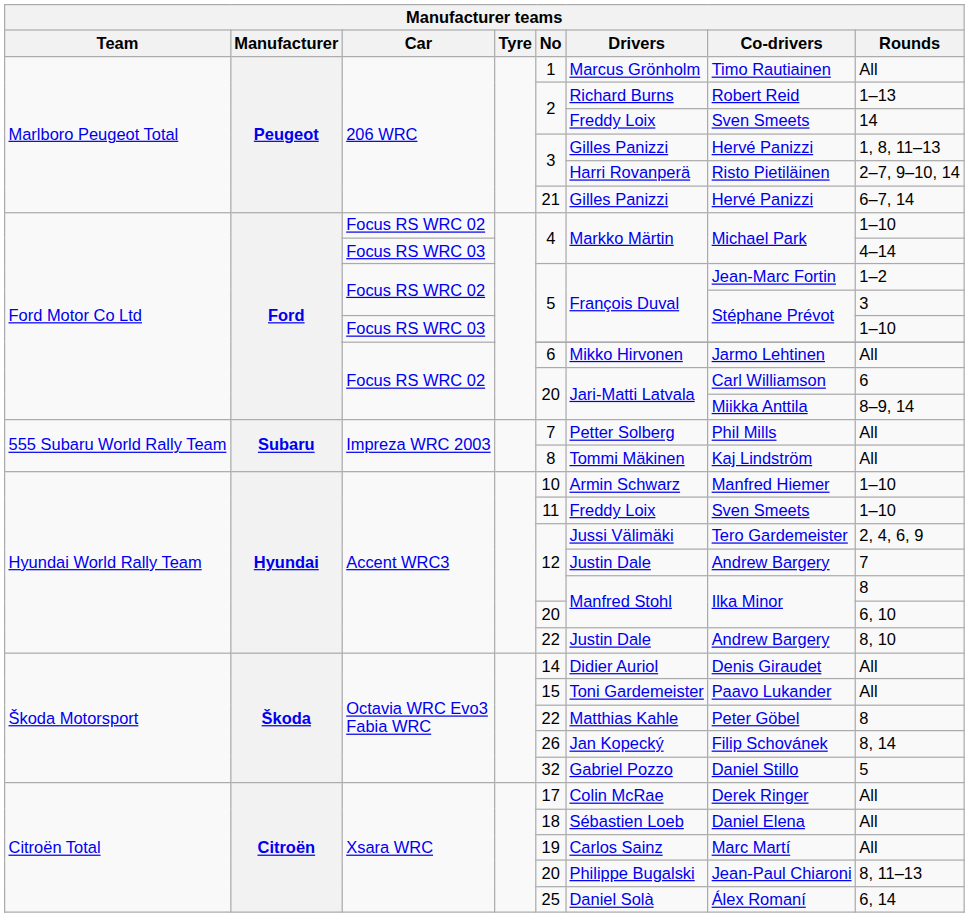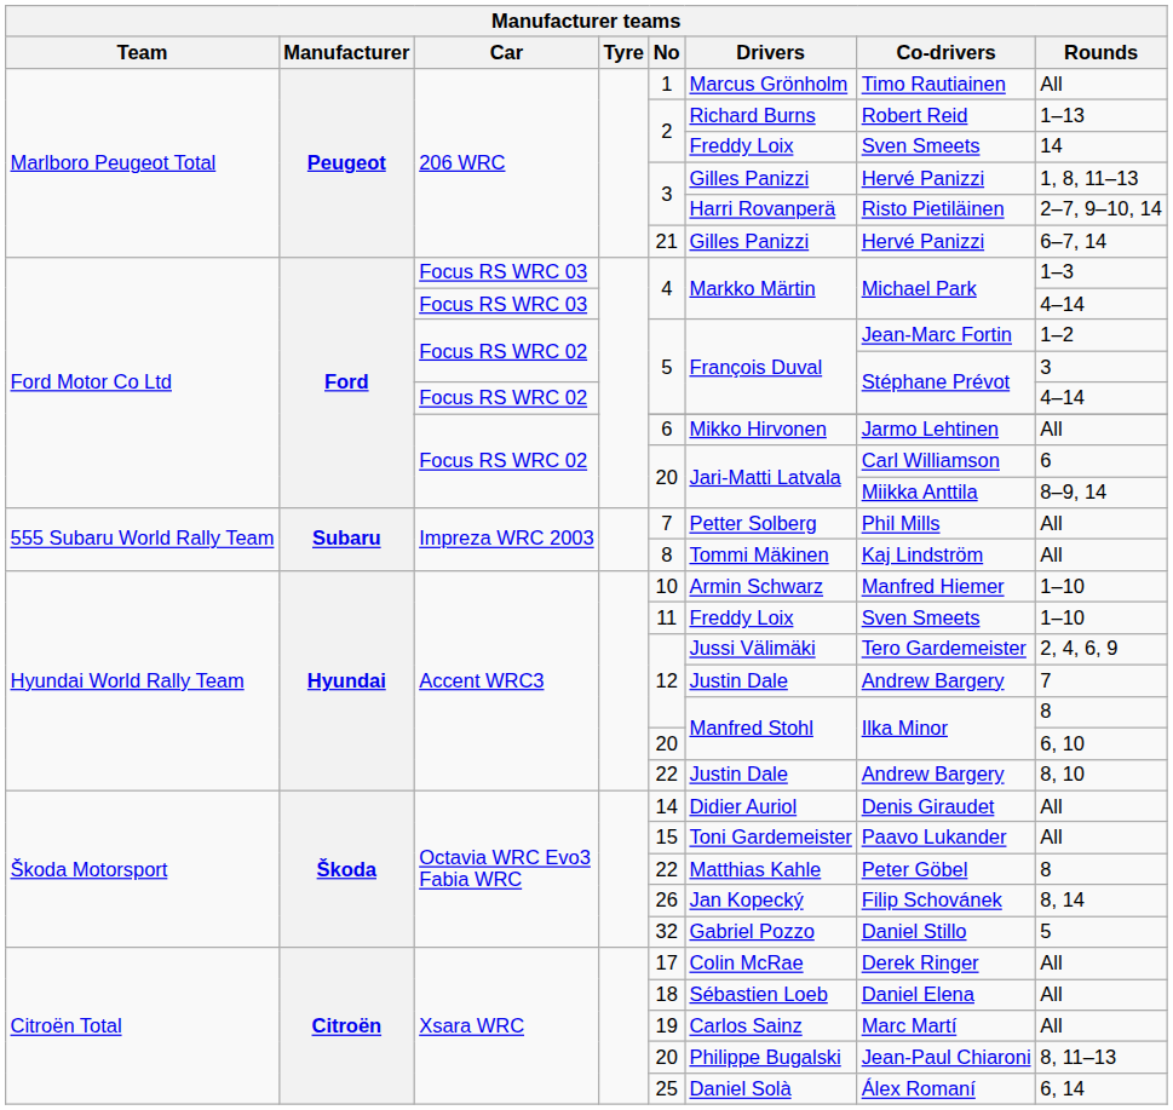 <table class="wikitable collapsible" style="font-size: 85%">
 <tr>
 <th colspan="11">Manufacturer teams</th>
 </tr>
 <tr>
 <th>Team</th>
 <th>Manufacturer</th>
 <th>Car</th>
 <th>Tyre</th>
 <th>No</th>
 <th>Drivers</th>
 <th>Co-drivers</th>
 <th>Rounds</th>
 </tr>
 <tr>
 <td rowspan="6"> <a href='#'>Marlboro Peugeot Total</a></td>
 <th rowspan="6"><a href='#'>Peugeot</a></th>
 <td rowspan="6"><a href='#'>206 WRC</a></td>
 <td rowspan="6" align="center"></td>
 <td align="center">1</td>
 <td nowrap> <a href='#'>Marcus Grönholm</a></td>
 <td> <a href='#'>Timo Rautiainen</a></td>
 <td>All</td>
 </tr>
 <tr>
 <td align="center" rowspan="2">2</td>
 <td> <a href='#'>Richard Burns</a></td>
 <td> <a href='#'>Robert Reid</a></td>
 <td>1–13</td>
 </tr>
 <tr>
 <td> <a href='#'>Freddy Loix</a></td>
 <td> <a href='#'>Sven Smeets</a></td>
 <td>14</td>
 </tr>
 <tr>
 <td align="center" rowspan="2">3</td>
 <td> <a href='#'>Gilles Panizzi</a></td>
 <td> <a href='#'>Hervé Panizzi</a></td>
 <td>1, 8, 11–13</td>
 </tr>
 <tr>
 <td> <a href='#'>Harri Rovanperä</a></td>
 <td> <a href='#'>Risto Pietiläinen</a></td>
 <td nowrap>2–7, 9–10, 14</td>
 </tr>
 <tr>
 <td align="center">21</td>
 <td> <a href='#'>Gilles Panizzi</a></td>
 <td> <a href='#'>Hervé Panizzi</a></td>
 <td>6–7, 14</td>
 </tr>
 <tr>
 <td rowspan="9"> <a href='#'>Ford Motor Co Ltd</a></td>
 <th rowspan="9"><a href='#'>Ford</a></th>
-<td rowspan="1"><a href='#'>Focus RS WRC 02</a></td>
+<td rowspan="1"><a href='#'>Focus RS WRC 03</a></td>
 <td rowspan="9" align="center"></td>
 <td align="center" rowspan=2>4</td>
 <td rowspan=2> <a href='#'>Markko Märtin</a></td>
 <td rowspan=2> <a href='#'>Michael Park</a></td>
-<td>1–10</td>
+<td>1–3</td>
 </tr>
 <tr>
 <td rowspan="1"><a href='#'>Focus RS WRC 03</a></td>
 <td>4–14</td>
 </tr>
 <tr>
 <td rowspan="2"><a href='#'>Focus RS WRC 02</a></td>
 <td rowspan="3" align="center">5</td>
 <td rowspan="3"> <a href='#'>François Duval</a></td>
 <td> <a href='#'>Jean-Marc Fortin</a></td>
 <td>1–2</td>
 </tr>
 <tr>
 <td rowspan=2> <a href='#'>Stéphane Prévot</a></td>
 <td>3</td>
 </tr>
 <tr>
-<td rowspan="1"><a href='#'>Focus RS WRC 03</a></td>
-<td>1–10</td>
+<td rowspan="1"><a href='#'>Focus RS WRC 02</a></td>
+<td>4–14</td>
 </tr>
 <tr>
 <td rowspan="4"><a href='#'>Focus RS WRC 02</a></td>
 </tr>
 <tr>
 <td align="center">6</td>
 <td> <a href='#'>Mikko Hirvonen</a></td>
 <td> <a href='#'>Jarmo Lehtinen</a></td>
 <td>All</td>
 </tr>
 <tr>
 <td rowspan="2" align="center">20</td>
 <td rowspan="2"> <a href='#'>Jari-Matti Latvala</a></td>
 <td> <a href='#'>Carl Williamson</a></td>
 <td>6</td>
 </tr>
 <tr>
 <td> <a href='#'>Miikka Anttila</a></td>
 <td>8–9, 14</td>
 </tr>
 <tr>
 <td rowspan="2" nowrap> <a href='#'>555 Subaru World Rally Team</a></td>
 <th rowspan="2"><a href='#'>Subaru</a></th>
 <td rowspan="2" nowrap><a href='#'>Impreza WRC 2003</a></td>
 <td rowspan="2" align="center"></td>
 <td align="center">7</td>
 <td> <a href='#'>Petter Solberg</a></td>
 <td> <a href='#'>Phil Mills</a></td>
 <td>All</td>
 </tr>
 <tr>
 <td align="center">8</td>
 <td> <a href='#'>Tommi Mäkinen</a></td>
 <td> <a href='#'>Kaj Lindström</a></td>
 <td>All</td>
 </tr>
 <tr>
 <td rowspan="7"> <a href='#'>Hyundai World Rally Team</a></td>
 <th rowspan="7"><a href='#'>Hyundai</a></th>
 <td rowspan="7"><a href='#'>Accent WRC3</a></td>
 <td rowspan="7" align="center"></td>
 <td align="center">10</td>
 <td> <a href='#'>Armin Schwarz</a></td>
 <td> <a href='#'>Manfred Hiemer</a></td>
 <td>1–10</td>
 </tr>
 <tr>
 <td align="center">11</td>
 <td> <a href='#'>Freddy Loix</a></td>
 <td> <a href='#'>Sven Smeets</a></td>
 <td>1–10</td>
 </tr>
 <tr>
 <td rowspan="3" align="center">12</td>
 <td> <a href='#'>Jussi Välimäki</a></td>
 <td> <a href='#'>Tero Gardemeister</a></td>
 <td>2, 4, 6, 9</td>
 </tr>
 <tr>
 <td> <a href='#'>Justin Dale</a></td>
 <td> <a href='#'>Andrew Bargery</a></td>
 <td>7</td>
 </tr>
 <tr>
 <td rowspan="2"> <a href='#'>Manfred Stohl</a></td>
 <td rowspan="2"> <a href='#'>Ilka Minor</a></td>
 <td>8</td>
 </tr>
 <tr>
 <td align="center">20</td>
 <td>6, 10</td>
 </tr>
 <tr>
 <td align="center">22</td>
 <td> <a href='#'>Justin Dale</a></td>
 <td> <a href='#'>Andrew Bargery</a></td>
 <td>8, 10</td>
 </tr>
 <tr>
 <td rowspan="5"> <a href='#'>Škoda Motorsport</a></td>
 <th rowspan="5"><a href='#'>Škoda</a></th>
 <td rowspan="5"><a href='#'>Octavia WRC Evo3</a><br><a href='#'>Fabia WRC</a></td>
 <td rowspan="5" align="center"></td>
 <td align="center">14</td>
 <td> <a href='#'>Didier Auriol</a></td>
 <td> <a href='#'>Denis Giraudet</a></td>
 <td>All</td>
 </tr>
 <tr>
 <td align="center">15</td>
 <td> <a href='#'>Toni Gardemeister</a></td>
 <td> <a href='#'>Paavo Lukander</a></td>
 <td>All</td>
 </tr>
 <tr>
 <td align="center">22</td>
 <td> <a href='#'>Matthias Kahle</a></td>
 <td> <a href='#'>Peter Göbel</a></td>
 <td>8</td>
 </tr>
 <tr>
 <td align="center">26</td>
 <td> <a href='#'>Jan Kopecký</a></td>
 <td> <a href='#'>Filip Schovánek</a></td>
 <td>8, 14</td>
 </tr>
 <tr>
 <td align="center">32</td>
 <td> <a href='#'>Gabriel Pozzo</a></td>
 <td> <a href='#'>Daniel Stillo</a></td>
 <td>5</td>
 </tr>
 <tr>
 <td rowspan="5"> <a href='#'>Citroën Total</a></td>
 <th rowspan="5"><a href='#'>Citroën</a></th>
 <td rowspan="5"><a href='#'>Xsara WRC</a></td>
 <td rowspan="5" align="center"></td>
 <td align="center">17</td>
 <td> <a href='#'>Colin McRae</a></td>
 <td> <a href='#'>Derek Ringer</a></td>
 <td>All</td>
 </tr>
 <tr>
 <td align="center">18</td>
 <td> <a href='#'>Sébastien Loeb</a></td>
 <td> <a href='#'>Daniel Elena</a></td>
 <td>All</td>
 </tr>
 <tr>
 <td align="center">19</td>
 <td> <a href='#'>Carlos Sainz</a></td>
 <td> <a href='#'>Marc Martí</a></td>
 <td>All</td>
 </tr>
 <tr>
 <td align="center">20</td>
 <td> <a href='#'>Philippe Bugalski</a></td>
 <td nowrap> <a href='#'>Jean-Paul Chiaroni</a></td>
 <td>8, 11–13</td>
 </tr>
 <tr>
 <td align="center">25</td>
 <td> <a href='#'>Daniel Solà</a></td>
 <td> <a href='#'>Álex Romaní</a></td>
 <td>6, 14</td>
 </tr>
 </table>
